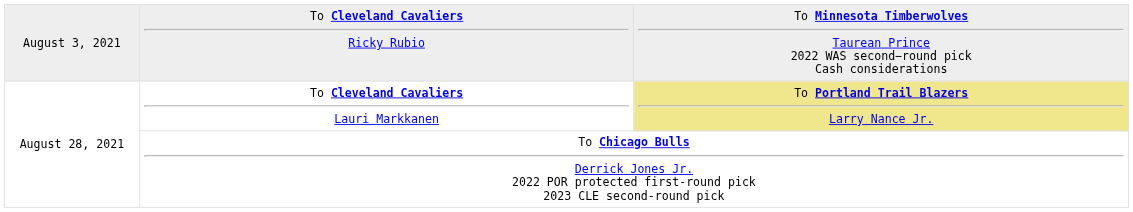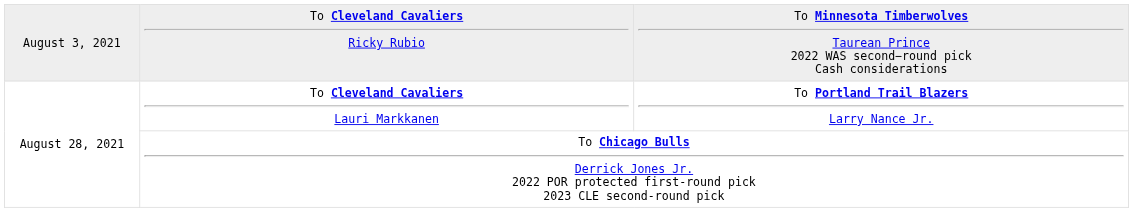 <table border=1 style="border-collapse:collapse; text-align: center; width: 100%" bordercolor="#DFDFDF"  cellpadding="5">
 <tr style="background:#eee;">
 <td style="width:12%">August 3, 2021</td>
 <td style="width:44%; vertical-align:top;">To <strong><a href='#'>Cleveland Cavaliers</a></strong><hr><a href='#'>Ricky Rubio</a></td>
 <td style="width:44%; vertical-align:top;">To <strong><a href='#'>Minnesota Timberwolves</a></strong><hr><a href='#'>Taurean Prince</a><br>2022 WAS second−round pick<br>Cash considerations</td>
 </tr>
 <tr>
 <td style="width:12%" rowspan=2>August 28, 2021</td>
 <td style="width:44%; vertical-align:top;">To <strong><a href='#'>Cleveland Cavaliers</a></strong><hr><a href='#'>Lauri Markkanen</a></td>
-<td style="background: khaki; width:44%; vertical-align:top;">To <strong><a href='#'>Portland Trail Blazers</a></strong><hr><a href='#'>Larry Nance Jr.</a></td>
+<td style="width:44%; vertical-align:top;">To <strong><a href='#'>Portland Trail Blazers</a></strong><hr><a href='#'>Larry Nance Jr.</a></td>
 </tr>
 <tr>
 <td colspan="2" style="text-align:top; vertical-align:top;">To <strong><a href='#'>Chicago Bulls</a></strong><hr><a href='#'>Derrick Jones Jr.</a><br>2022 POR protected first-round pick<br>2023 CLE second-round pick</td>
 </tr>
 </table>
